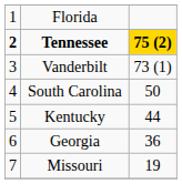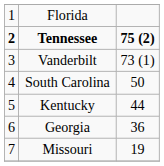 <table class="wikitable" style="width: 20%;text-align: center;">
 <tr align="center">
 </tr>
 <tr align="center">
 <td>1</td>
 <td>Florida</td>
 <td></td>
 </tr>
 <tr>
 <td><strong>2</strong></td>
 <td><strong>Tennessee</strong></td>
-<td style="background: gold;"><strong>75 (2)</strong></td>
+<td><strong>75 (2)</strong></td>
 </tr>
 <tr>
 <td>3</td>
 <td>Vanderbilt</td>
 <td>73 (1)</td>
 </tr>
 <tr>
 <td>4</td>
 <td>South Carolina</td>
 <td>50</td>
 </tr>
 <tr>
 <td>5</td>
 <td>Kentucky</td>
 <td>44</td>
 </tr>
 <tr>
 <td>6</td>
 <td>Georgia</td>
 <td>36</td>
 </tr>
 <tr>
 <td>7</td>
 <td>Missouri</td>
 <td>19</td>
 </tr>
 <tr>
 </tr>
 </table>
